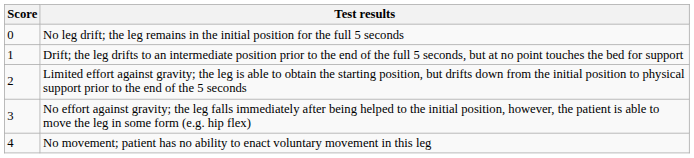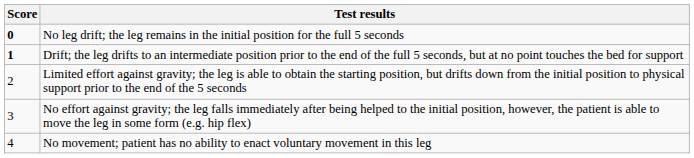 <table class="wikitable">
 <tr>
 <th>Score</th>
 <th>Test results</th>
 </tr>
 <tr>
-<td>0</td>
+<td><strong>0</strong></td>
 <td>No leg drift; the leg remains in the initial position for the full 5 seconds</td>
 </tr>
 <tr>
-<td>1</td>
+<td><strong>1</strong></td>
 <td>Drift; the leg drifts to an intermediate position prior to the end of the full 5 seconds, but at no point touches the bed for support</td>
 </tr>
 <tr>
 <td>2</td>
 <td>Limited effort against gravity; the leg is able to obtain the starting position, but drifts down from the initial position to physical support prior to the end of the 5 seconds</td>
 </tr>
 <tr>
 <td>3</td>
 <td>No effort against gravity; the leg falls immediately after being helped to the initial position, however, the patient is able to move the leg in some form (e.g. hip flex)</td>
 </tr>
 <tr>
 <td>4</td>
 <td>No movement; patient has no ability to enact voluntary movement in this leg</td>
 </tr>
 </table>
